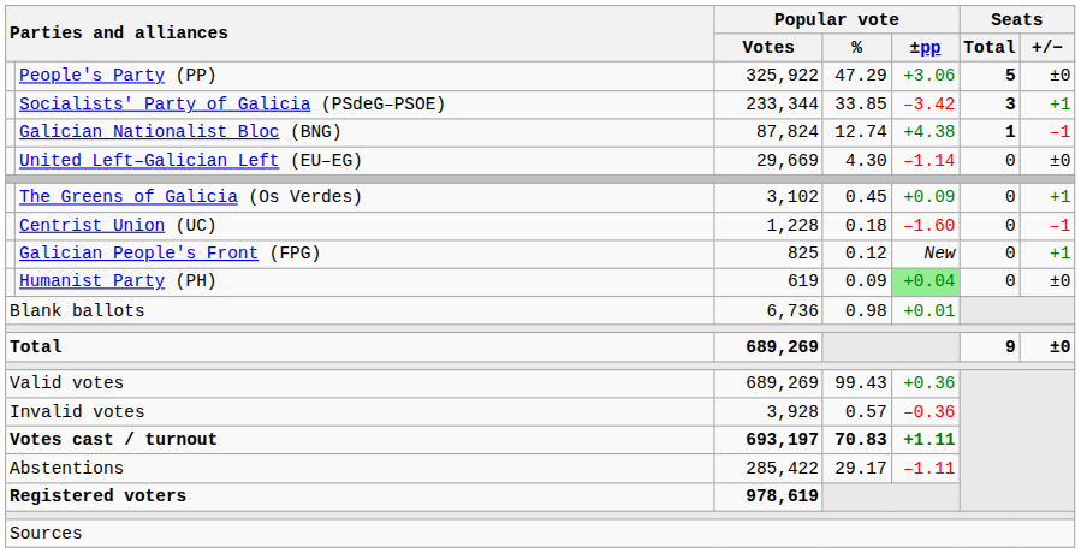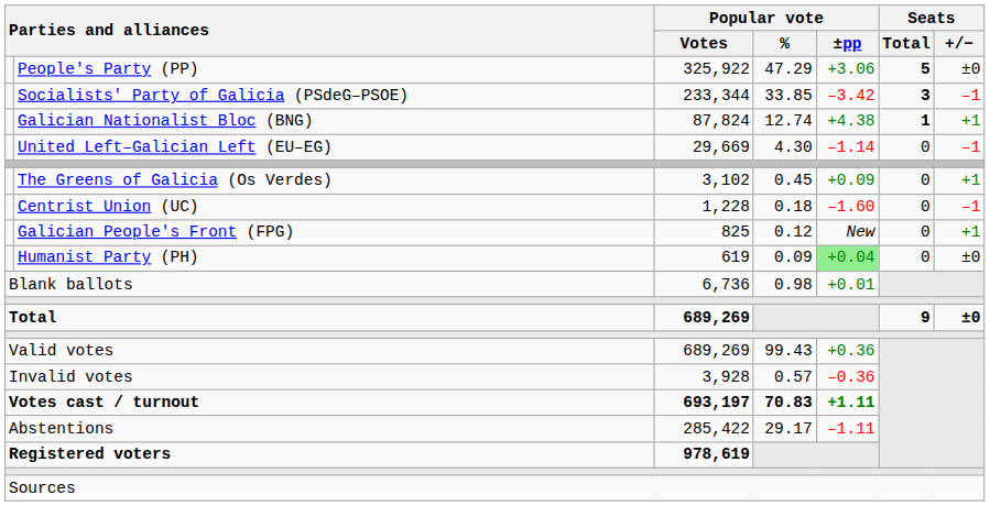 <table class="wikitable" style="text-align:right;">
 <tr>
 <th style="text-align:left;" rowspan="2" colspan="2" width="525">Parties and alliances</th>
 <th colspan="3">Popular vote</th>
 <th colspan="2">Seats</th>
 </tr>
 <tr>
 <th width="75">Votes</th>
 <th width="45">%</th>
 <th width="45">±<a href='#'>pp</a></th>
 <th width="35">Total</th>
 <th width="35">+/−</th>
 </tr>
 <tr>
 <td width="1" style="color:inherit;background:"></td>
 <td align="left"><a href='#'>People's Party</a> (PP)</td>
 <td>325,922</td>
 <td>47.29</td>
 <td style="color:green;">+3.06</td>
 <td><strong>5</strong></td>
 <td>±0</td>
 </tr>
 <tr>
 <td style="color:inherit;background:"></td>
 <td align="left"><a href='#'>Socialists' Party of Galicia</a> (PSdeG–PSOE)</td>
 <td>233,344</td>
 <td>33.85</td>
 <td style="color:red;">–3.42</td>
 <td><strong>3</strong></td>
-<td style="color:green;">+1</td>
+<td style="color:red;">–1</td>
 </tr>
 <tr>
 <td style="color:inherit;background:"></td>
 <td align="left"><a href='#'>Galician Nationalist Bloc</a> (BNG)</td>
 <td>87,824</td>
 <td>12.74</td>
 <td style="color:green;">+4.38</td>
 <td><strong>1</strong></td>
-<td style="color:red;">–1</td>
+<td style="color:green;">+1</td>
 </tr>
 <tr>
 <td style="color:inherit;background:"></td>
 <td align="left"><a href='#'>United Left–Galician Left</a> (EU–EG)</td>
 <td>29,669</td>
 <td>4.30</td>
 <td style="color:red;">–1.14</td>
 <td>0</td>
-<td>±0</td>
+<td style="color:red;">–1</td>
 </tr>
 <tr>
 <td colspan="7" bgcolor="#C0C0C0"></td>
 </tr>
 <tr>
 <td style="color:inherit;background:"></td>
 <td align="left"><a href='#'>The Greens of Galicia</a> (Os Verdes)</td>
 <td>3,102</td>
 <td>0.45</td>
 <td style="color:green;">+0.09</td>
 <td>0</td>
 <td style="color:green;">+1</td>
 </tr>
 <tr>
 <td style="color:inherit;background:"></td>
 <td align="left"><a href='#'>Centrist Union</a> (UC)</td>
 <td>1,228</td>
 <td>0.18</td>
 <td style="color:red;">–1.60</td>
 <td>0</td>
 <td style="color:red;">–1</td>
 </tr>
 <tr>
 <td style="color:inherit;background:"></td>
 <td align="left"><a href='#'>Galician People's Front</a> (FPG)</td>
 <td>825</td>
 <td>0.12</td>
 <td><em>New</em></td>
 <td>0</td>
 <td style="color:green;">+1</td>
 </tr>
 <tr>
 <td style="color:inherit;background:"></td>
 <td align="left"><a href='#'>Humanist Party</a> (PH)</td>
 <td>619</td>
 <td>0.09</td>
 <td style="background: lightgreen; color:green;">+0.04</td>
 <td>0</td>
 <td>±0</td>
 </tr>
 <tr>
 <td align="left" colspan="2">Blank ballots</td>
 <td>6,736</td>
 <td>0.98</td>
 <td style="color:green;">+0.01</td>
 <td bgcolor="#E9E9E9" colspan="2"></td>
 </tr>
 <tr>
 <td colspan="7" bgcolor="#E9E9E9"></td>
 </tr>
 <tr style="font-weight:bold;">
 <td align="left" colspan="2">Total</td>
 <td>689,269</td>
 <td bgcolor="#E9E9E9" colspan="2"></td>
 <td>9</td>
 <td>±0</td>
 </tr>
 <tr>
 <td colspan="7" bgcolor="#E9E9E9"></td>
 </tr>
 <tr>
 <td align="left" colspan="2">Valid votes</td>
 <td>689,269</td>
 <td>99.43</td>
 <td style="color:green;">+0.36</td>
 <td bgcolor="#E9E9E9" colspan="2" rowspan="5"></td>
 </tr>
 <tr>
 <td align="left" colspan="2">Invalid votes</td>
 <td>3,928</td>
 <td>0.57</td>
 <td style="color:red;">–0.36</td>
 </tr>
 <tr style="font-weight:bold;">
 <td align="left" colspan="2">Votes cast / turnout</td>
 <td>693,197</td>
 <td>70.83</td>
 <td style="color:green;">+1.11</td>
 </tr>
 <tr>
 <td align="left" colspan="2">Abstentions</td>
 <td>285,422</td>
 <td>29.17</td>
 <td style="color:red;">–1.11</td>
 </tr>
 <tr style="font-weight:bold;">
 <td align="left" colspan="2">Registered voters</td>
 <td>978,619</td>
 <td bgcolor="#E9E9E9" colspan="2"></td>
 </tr>
 <tr>
 <td colspan="7" bgcolor="#E9E9E9"></td>
 </tr>
 <tr>
 <td align="left" colspan="7">Sources</td>
 </tr>
 </table>
